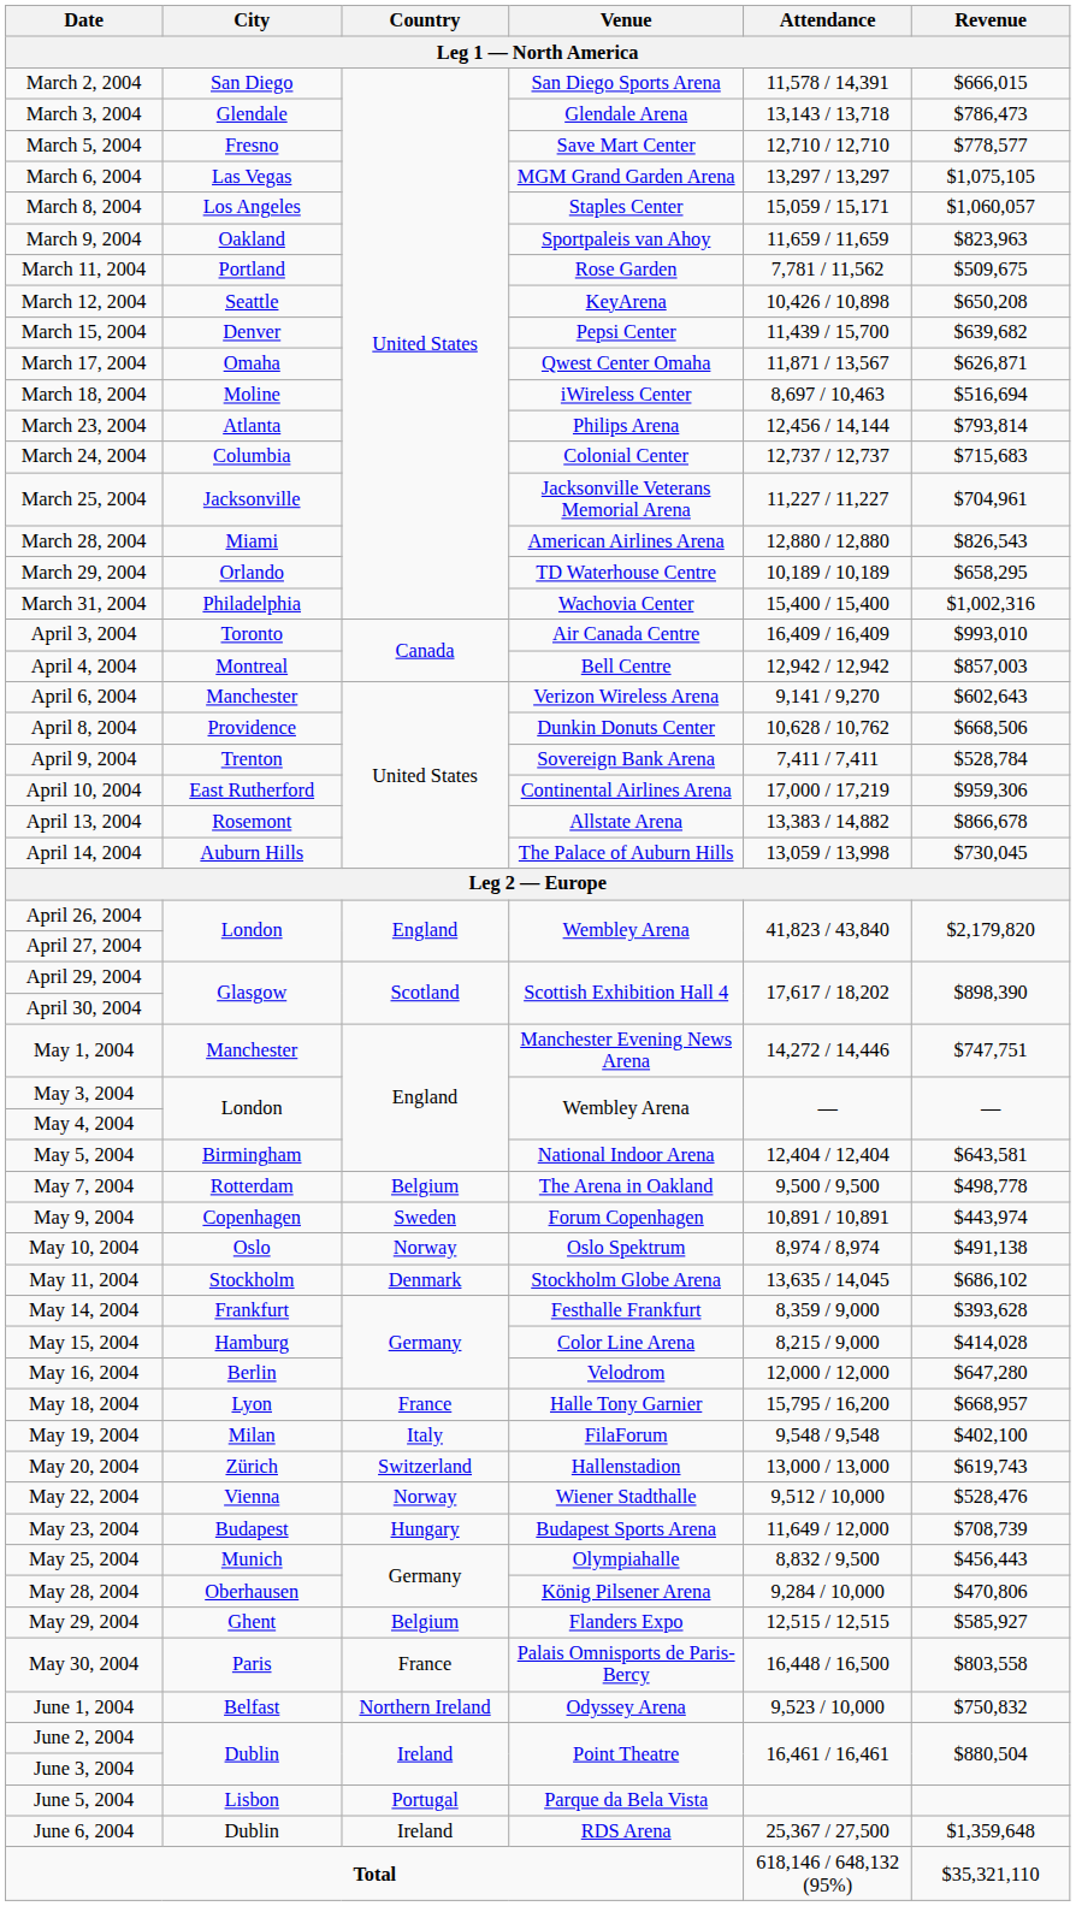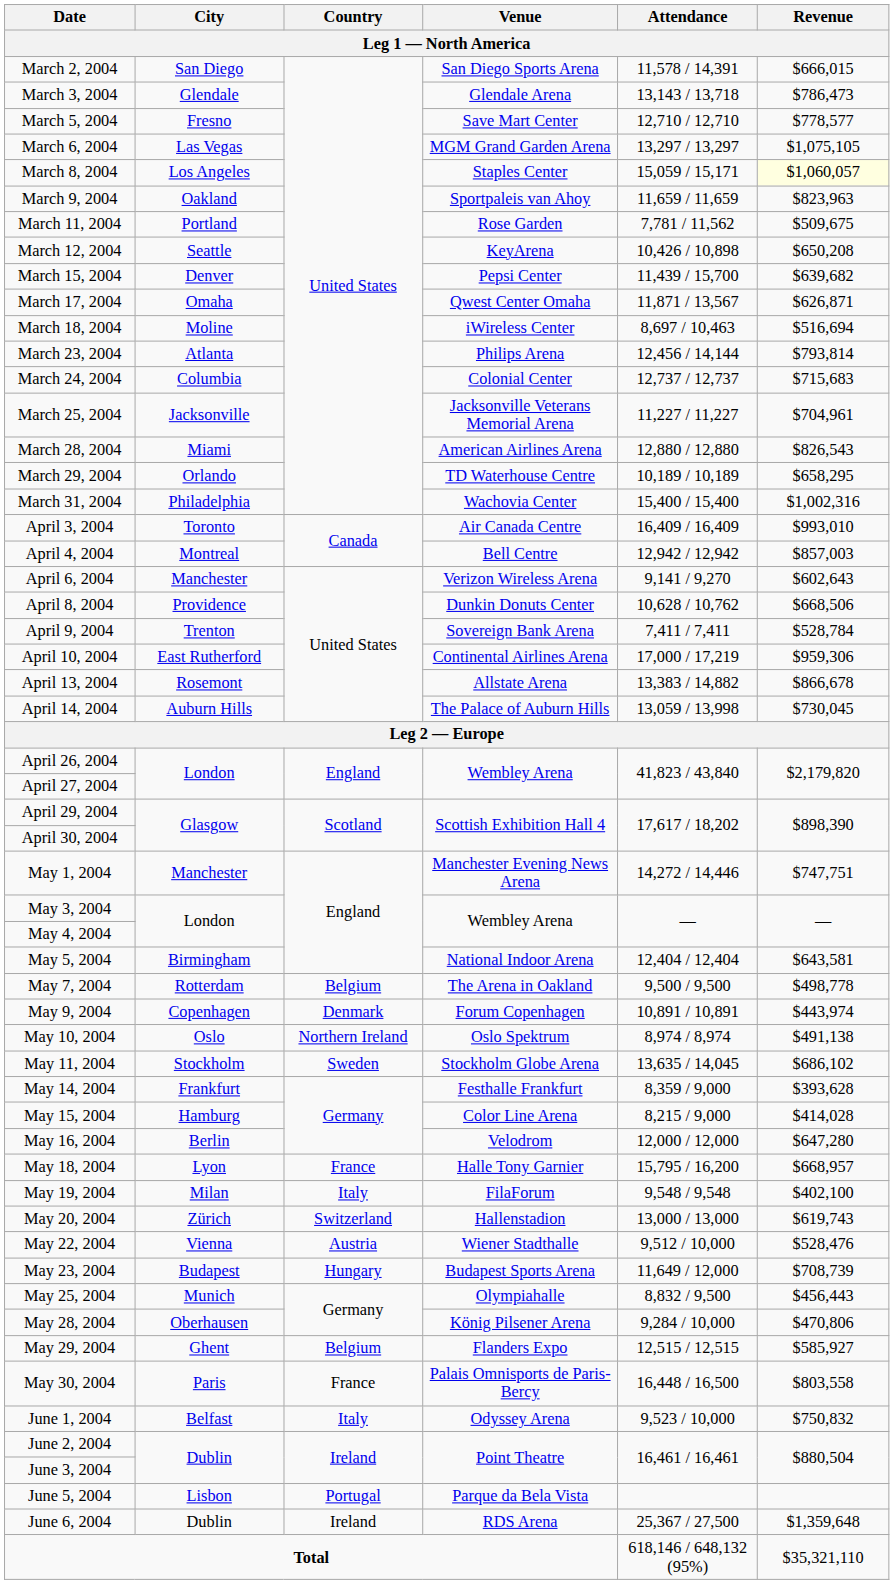 <table class="wikitable" style="text-align:center;">
 <tr>
 <th scope="col" style="width:12em;">Date</th>
 <th scope="col" style="width:12em;">City</th>
 <th scope="col" style="width:11em;">Country</th>
 <th scope="col" style="width:17em;">Venue</th>
 <th scope="col" style="width:11em;">Attendance</th>
 <th scope="col" style="width:10em;">Revenue</th>
 </tr>
 <tr>
 <th colspan="8">Leg 1 — North America</th>
 </tr>
 <tr>
 <td>March 2, 2004</td>
 <td><a href='#'>San Diego</a></td>
 <td rowspan="17"><a href='#'>United States</a></td>
 <td><a href='#'>San Diego Sports Arena</a></td>
 <td>11,578 / 14,391</td>
 <td>$666,015</td>
 </tr>
 <tr>
 <td>March 3, 2004</td>
 <td><a href='#'>Glendale</a></td>
 <td><a href='#'>Glendale Arena</a></td>
 <td>13,143 / 13,718</td>
 <td>$786,473</td>
 </tr>
 <tr>
 <td>March 5, 2004</td>
 <td><a href='#'>Fresno</a></td>
 <td><a href='#'>Save Mart Center</a></td>
 <td>12,710 / 12,710</td>
 <td>$778,577</td>
 </tr>
 <tr>
 <td>March 6, 2004</td>
 <td><a href='#'>Las Vegas</a></td>
 <td><a href='#'>MGM Grand Garden Arena</a></td>
 <td>13,297 / 13,297</td>
 <td>$1,075,105</td>
 </tr>
 <tr>
 <td>March 8, 2004</td>
 <td><a href='#'>Los Angeles</a></td>
 <td><a href='#'>Staples Center</a></td>
 <td>15,059 / 15,171</td>
-<td>$1,060,057</td>
+<td style="background: lightyellow;">$1,060,057</td>
 </tr>
 <tr>
 <td>March 9, 2004</td>
 <td><a href='#'>Oakland</a></td>
 <td><a href='#'>Sportpaleis van Ahoy</a></td>
 <td>11,659 / 11,659</td>
 <td>$823,963</td>
 </tr>
 <tr>
 <td>March 11, 2004</td>
 <td><a href='#'>Portland</a></td>
 <td><a href='#'>Rose Garden</a></td>
 <td>7,781 / 11,562</td>
 <td>$509,675</td>
 </tr>
 <tr>
 <td>March 12, 2004</td>
 <td><a href='#'>Seattle</a></td>
 <td><a href='#'>KeyArena</a></td>
 <td>10,426 / 10,898</td>
 <td>$650,208</td>
 </tr>
 <tr>
 <td>March 15, 2004</td>
 <td><a href='#'>Denver</a></td>
 <td><a href='#'>Pepsi Center</a></td>
 <td>11,439 / 15,700</td>
 <td>$639,682</td>
 </tr>
 <tr>
 <td>March 17, 2004</td>
 <td><a href='#'>Omaha</a></td>
 <td><a href='#'>Qwest Center Omaha</a></td>
 <td>11,871 / 13,567</td>
 <td>$626,871</td>
 </tr>
 <tr>
 <td>March 18, 2004</td>
 <td><a href='#'>Moline</a></td>
 <td><a href='#'>iWireless Center</a></td>
 <td>8,697 / 10,463</td>
 <td>$516,694</td>
 </tr>
 <tr>
 <td>March 23, 2004</td>
 <td><a href='#'>Atlanta</a></td>
 <td><a href='#'>Philips Arena</a></td>
 <td>12,456 / 14,144</td>
 <td>$793,814</td>
 </tr>
 <tr>
 <td>March 24, 2004</td>
 <td><a href='#'>Columbia</a></td>
 <td><a href='#'>Colonial Center</a></td>
 <td>12,737 / 12,737</td>
 <td>$715,683</td>
 </tr>
 <tr>
 <td>March 25, 2004</td>
 <td><a href='#'>Jacksonville</a></td>
 <td><a href='#'>Jacksonville Veterans Memorial Arena</a></td>
 <td>11,227 / 11,227</td>
 <td>$704,961</td>
 </tr>
 <tr>
 <td>March 28, 2004</td>
 <td><a href='#'>Miami</a></td>
 <td><a href='#'>American Airlines Arena</a></td>
 <td>12,880 / 12,880</td>
 <td>$826,543</td>
 </tr>
 <tr>
 <td>March 29, 2004</td>
 <td><a href='#'>Orlando</a></td>
 <td><a href='#'>TD Waterhouse Centre</a></td>
 <td>10,189 / 10,189</td>
 <td>$658,295</td>
 </tr>
 <tr>
 <td>March 31, 2004</td>
 <td><a href='#'>Philadelphia</a></td>
 <td><a href='#'>Wachovia Center</a></td>
 <td>15,400 / 15,400</td>
 <td>$1,002,316</td>
 </tr>
 <tr>
 <td>April 3, 2004</td>
 <td><a href='#'>Toronto</a></td>
 <td rowspan="2"><a href='#'>Canada</a></td>
 <td><a href='#'>Air Canada Centre</a></td>
 <td>16,409 / 16,409</td>
 <td>$993,010</td>
 </tr>
 <tr>
 <td>April 4, 2004</td>
 <td><a href='#'>Montreal</a></td>
 <td><a href='#'>Bell Centre</a></td>
 <td>12,942 / 12,942</td>
 <td>$857,003</td>
 </tr>
 <tr>
 <td>April 6, 2004</td>
 <td><a href='#'>Manchester</a></td>
 <td rowspan="6">United States</td>
 <td><a href='#'>Verizon Wireless Arena</a></td>
 <td>9,141 / 9,270</td>
 <td>$602,643</td>
 </tr>
 <tr>
 <td>April 8, 2004</td>
 <td><a href='#'>Providence</a></td>
 <td><a href='#'>Dunkin Donuts Center</a></td>
 <td>10,628 / 10,762</td>
 <td>$668,506</td>
 </tr>
 <tr>
 <td>April 9, 2004</td>
 <td><a href='#'>Trenton</a></td>
 <td><a href='#'>Sovereign Bank Arena</a></td>
 <td>7,411 / 7,411</td>
 <td>$528,784</td>
 </tr>
 <tr>
 <td>April 10, 2004</td>
 <td><a href='#'>East Rutherford</a></td>
 <td><a href='#'>Continental Airlines Arena</a></td>
 <td>17,000 / 17,219</td>
 <td>$959,306</td>
 </tr>
 <tr>
 <td>April 13, 2004</td>
 <td><a href='#'>Rosemont</a></td>
 <td><a href='#'>Allstate Arena</a></td>
 <td>13,383 / 14,882</td>
 <td>$866,678</td>
 </tr>
 <tr>
 <td>April 14, 2004</td>
 <td><a href='#'>Auburn Hills</a></td>
 <td><a href='#'>The Palace of Auburn Hills</a></td>
 <td>13,059 / 13,998</td>
 <td>$730,045</td>
 </tr>
 <tr>
 <th colspan="8”">Leg 2 — Europe</th>
 </tr>
 <tr>
 <td>April 26, 2004</td>
 <td rowspan="2"><a href='#'>London</a></td>
 <td rowspan="2"><a href='#'>England</a></td>
 <td rowspan="2"><a href='#'>Wembley Arena</a></td>
 <td rowspan="2">41,823 / 43,840</td>
 <td rowspan="2">$2,179,820</td>
 </tr>
 <tr>
 <td>April 27, 2004</td>
 </tr>
 <tr>
 <td>April 29, 2004</td>
 <td rowspan="2"><a href='#'>Glasgow</a></td>
 <td rowspan="2"><a href='#'>Scotland</a></td>
 <td rowspan="2"><a href='#'>Scottish Exhibition Hall 4</a></td>
 <td rowspan="2">17,617 / 18,202</td>
 <td rowspan="2">$898,390</td>
 </tr>
 <tr>
 <td>April 30, 2004</td>
 </tr>
 <tr>
 <td>May 1, 2004</td>
 <td><a href='#'>Manchester</a></td>
 <td rowspan="4">England</td>
 <td><a href='#'>Manchester Evening News Arena</a></td>
 <td>14,272 / 14,446</td>
 <td>$747,751</td>
 </tr>
 <tr>
 <td>May 3, 2004</td>
 <td rowspan="2">London</td>
 <td rowspan="2">Wembley Arena</td>
 <td rowspan="2">—</td>
 <td rowspan="2">—</td>
 </tr>
 <tr>
 <td>May 4, 2004</td>
 </tr>
 <tr>
 <td>May 5, 2004</td>
 <td><a href='#'>Birmingham</a></td>
 <td><a href='#'>National Indoor Arena</a></td>
 <td>12,404 / 12,404</td>
 <td>$643,581</td>
 </tr>
 <tr>
 <td>May 7, 2004</td>
 <td><a href='#'>Rotterdam</a></td>
 <td><a href='#'>Belgium</a></td>
 <td><a href='#'>The Arena in Oakland</a></td>
 <td>9,500 / 9,500</td>
 <td>$498,778</td>
 </tr>
 <tr>
 <td>May 9, 2004</td>
 <td><a href='#'>Copenhagen</a></td>
-<td><a href='#'>Sweden</a></td>
+<td><a href='#'>Denmark</a></td>
 <td><a href='#'>Forum Copenhagen</a></td>
 <td>10,891 / 10,891</td>
 <td>$443,974</td>
 </tr>
 <tr>
 <td>May 10, 2004</td>
 <td><a href='#'>Oslo</a></td>
-<td><a href='#'>Norway</a></td>
+<td><a href='#'>Northern Ireland</a></td>
 <td><a href='#'>Oslo Spektrum</a></td>
 <td>8,974 / 8,974</td>
 <td>$491,138</td>
 </tr>
 <tr>
 <td>May 11, 2004</td>
 <td><a href='#'>Stockholm</a></td>
-<td><a href='#'>Denmark</a></td>
+<td><a href='#'>Sweden</a></td>
 <td><a href='#'>Stockholm Globe Arena</a></td>
 <td>13,635 / 14,045</td>
 <td>$686,102</td>
 </tr>
 <tr>
 <td>May 14, 2004</td>
 <td><a href='#'>Frankfurt</a></td>
 <td rowspan="3"><a href='#'>Germany</a></td>
 <td><a href='#'>Festhalle Frankfurt</a></td>
 <td>8,359 / 9,000</td>
 <td>$393,628</td>
 </tr>
 <tr>
 <td>May 15, 2004</td>
 <td><a href='#'>Hamburg</a></td>
 <td><a href='#'>Color Line Arena</a></td>
 <td>8,215 / 9,000</td>
 <td>$414,028</td>
 </tr>
 <tr>
 <td>May 16, 2004</td>
 <td><a href='#'>Berlin</a></td>
 <td><a href='#'>Velodrom</a></td>
 <td>12,000 / 12,000</td>
 <td>$647,280</td>
 </tr>
 <tr>
 <td>May 18, 2004</td>
 <td><a href='#'>Lyon</a></td>
 <td><a href='#'>France</a></td>
 <td><a href='#'>Halle Tony Garnier</a></td>
 <td>15,795 / 16,200</td>
 <td>$668,957</td>
 </tr>
 <tr>
 <td>May 19, 2004</td>
 <td><a href='#'>Milan</a></td>
 <td><a href='#'>Italy</a></td>
 <td><a href='#'>FilaForum</a></td>
 <td>9,548 / 9,548</td>
 <td>$402,100</td>
 </tr>
 <tr>
 <td>May 20, 2004</td>
 <td><a href='#'>Zürich</a></td>
 <td><a href='#'>Switzerland</a></td>
 <td><a href='#'>Hallenstadion</a></td>
 <td>13,000 / 13,000</td>
 <td>$619,743</td>
 </tr>
 <tr>
 <td>May 22, 2004</td>
 <td><a href='#'>Vienna</a></td>
-<td><a href='#'>Norway</a></td>
+<td><a href='#'>Austria</a></td>
 <td><a href='#'>Wiener Stadthalle</a></td>
 <td>9,512 / 10,000</td>
 <td>$528,476</td>
 </tr>
 <tr>
 <td>May 23, 2004</td>
 <td><a href='#'>Budapest</a></td>
 <td><a href='#'>Hungary</a></td>
 <td><a href='#'>Budapest Sports Arena</a></td>
 <td>11,649 / 12,000</td>
 <td>$708,739</td>
 </tr>
 <tr>
 <td>May 25, 2004</td>
 <td><a href='#'>Munich</a></td>
 <td rowspan="2">Germany</td>
 <td><a href='#'>Olympiahalle</a></td>
 <td>8,832 / 9,500</td>
 <td>$456,443</td>
 </tr>
 <tr>
 <td>May 28, 2004</td>
 <td><a href='#'>Oberhausen</a></td>
 <td><a href='#'>König Pilsener Arena</a></td>
 <td>9,284 / 10,000</td>
 <td>$470,806</td>
 </tr>
 <tr>
 <td>May 29, 2004</td>
 <td><a href='#'>Ghent</a></td>
 <td><a href='#'>Belgium</a></td>
 <td><a href='#'>Flanders Expo</a></td>
 <td>12,515 / 12,515</td>
 <td>$585,927</td>
 </tr>
 <tr>
 <td>May 30, 2004</td>
 <td><a href='#'>Paris</a></td>
 <td>France</td>
 <td><a href='#'>Palais Omnisports de Paris-Bercy</a></td>
 <td>16,448 / 16,500</td>
 <td>$803,558</td>
 </tr>
 <tr>
 <td>June 1, 2004</td>
 <td><a href='#'>Belfast</a></td>
-<td><a href='#'>Northern Ireland</a></td>
+<td><a href='#'>Italy</a></td>
 <td><a href='#'>Odyssey Arena</a></td>
 <td>9,523 / 10,000</td>
 <td>$750,832</td>
 </tr>
 <tr>
 <td>June 2, 2004</td>
 <td rowspan="2"><a href='#'>Dublin</a></td>
 <td rowspan="2"><a href='#'>Ireland</a></td>
 <td rowspan="2"><a href='#'>Point Theatre</a></td>
 <td rowspan="2">16,461 / 16,461</td>
 <td rowspan="2">$880,504</td>
 </tr>
 <tr>
 <td>June 3, 2004</td>
 </tr>
 <tr>
 <td>June 5, 2004</td>
 <td><a href='#'>Lisbon</a></td>
 <td><a href='#'>Portugal</a></td>
 <td><a href='#'>Parque da Bela Vista</a></td>
 <td></td>
 <td></td>
 </tr>
 <tr>
 <td>June 6, 2004</td>
 <td>Dublin</td>
 <td>Ireland</td>
 <td><a href='#'>RDS Arena</a></td>
 <td>25,367 / 27,500</td>
 <td>$1,359,648</td>
 </tr>
 <tr>
 <td colspan="4"><strong>Total</strong></td>
 <td>618,146 / 648,132 (95%)</td>
 <td>$35,321,110</td>
 </tr>
 </table>
